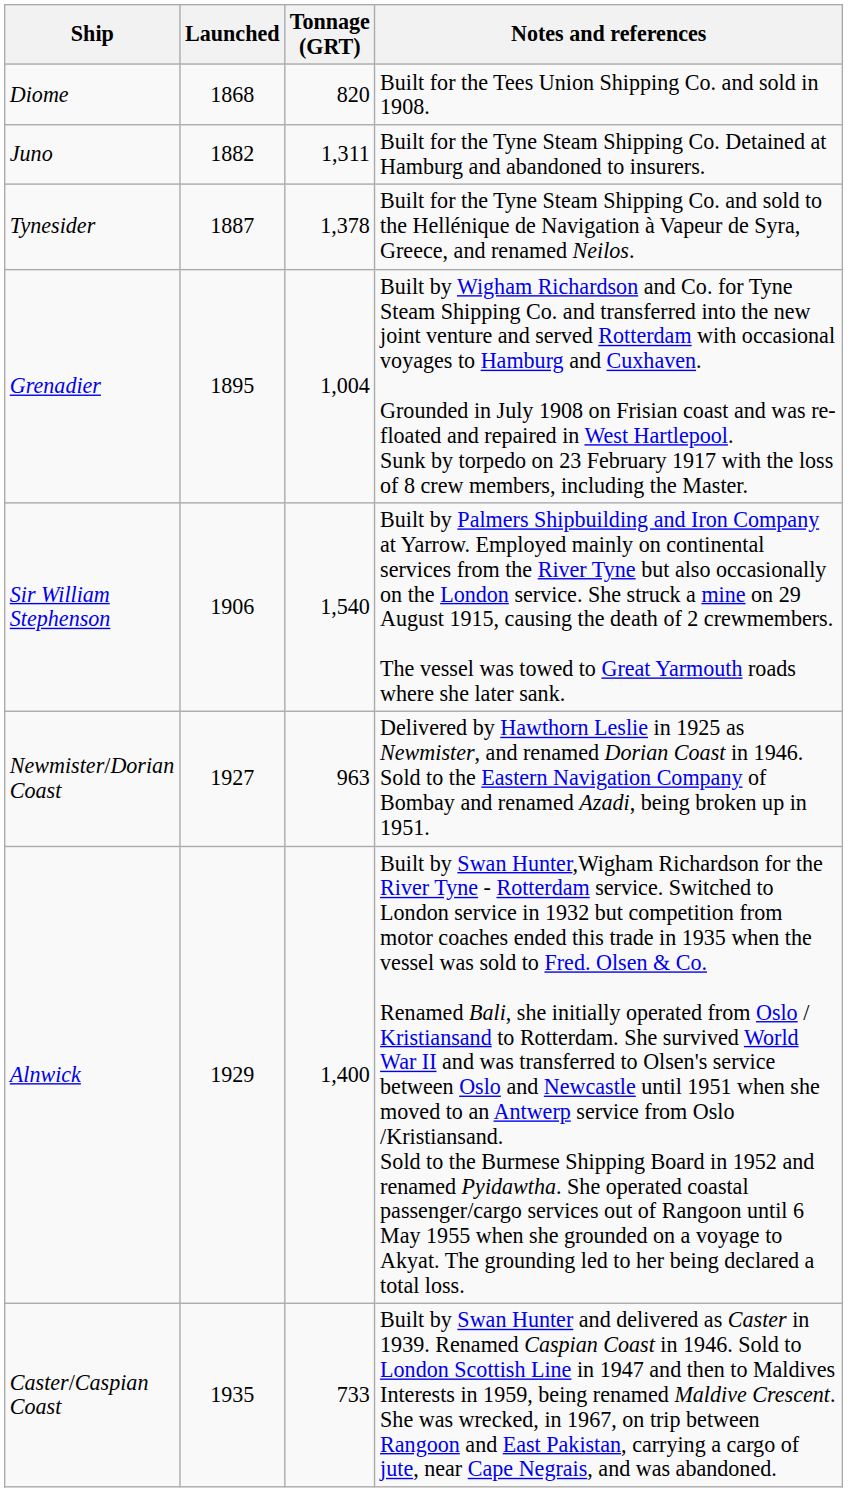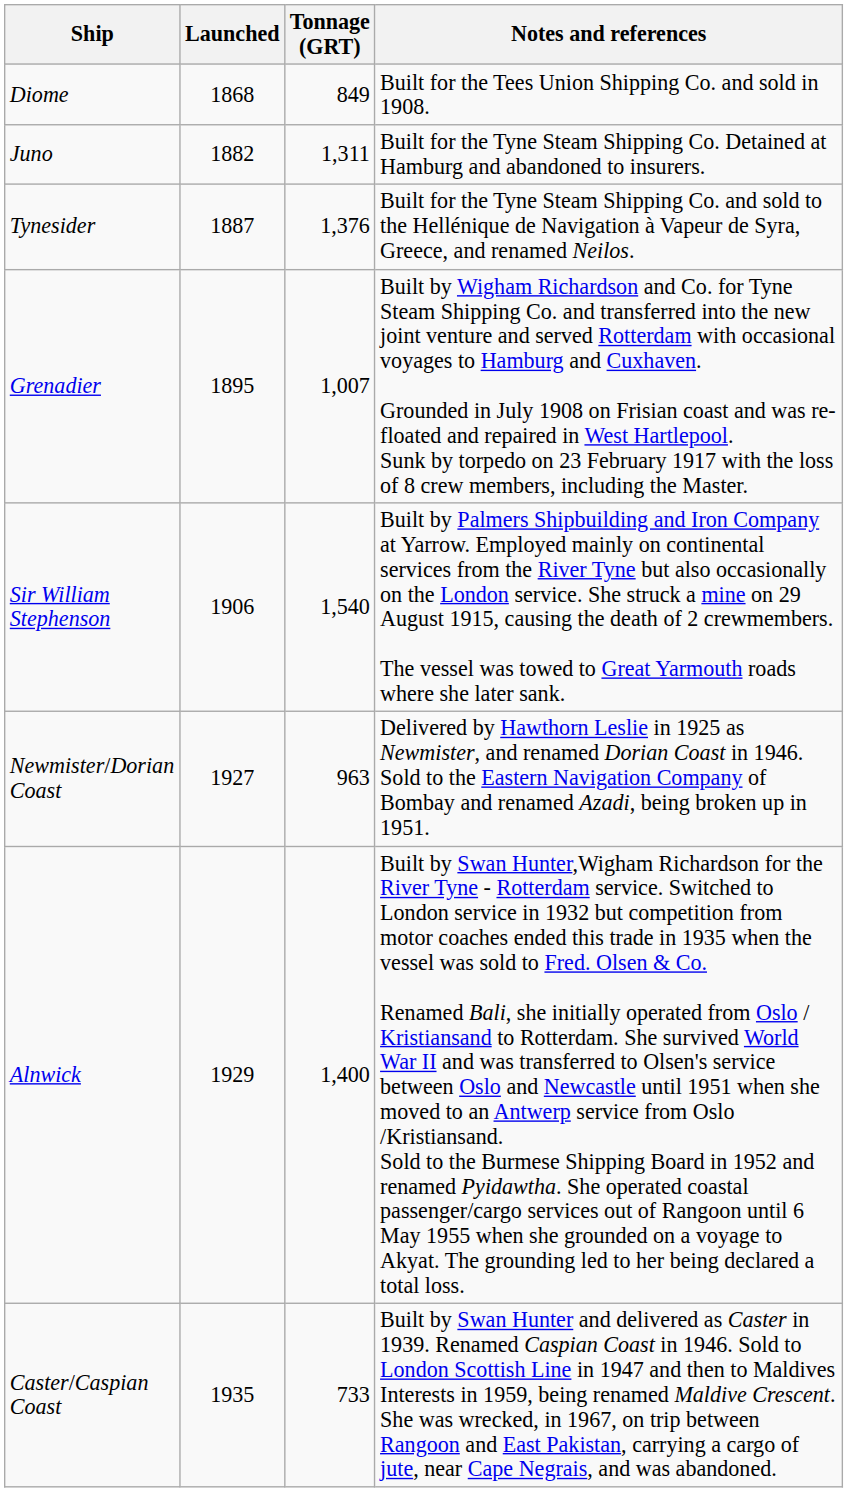 <table class="wikitable sortable">
 <tr>
 <th scope="col" width="120px">Ship</th>
 <th scope="col" width="30px">Launched</th>
 <th scope="col" width="30px">Tonnage<br>(GRT)</th>
 <th scope="col" width="500px">Notes and references</th>
 </tr>
 <tr>
 <td><em>Diome</em></td>
 <td align="center">1868</td>
-<td align="right">820</td>
+<td align="right">849</td>
 <td>Built for the Tees Union Shipping Co. and sold in 1908.</td>
 </tr>
 <tr>
 <td><em>Juno</em></td>
 <td align="center">1882</td>
 <td align="right">1,311</td>
 <td>Built for the Tyne Steam Shipping Co. Detained at Hamburg and abandoned to insurers.</td>
 </tr>
 <tr>
 <td><em>Tynesider</em></td>
 <td align="center">1887</td>
-<td align="right">1,378</td>
+<td align="right">1,376</td>
 <td>Built for the Tyne Steam Shipping Co. and sold to the Hellénique de Navigation à Vapeur de Syra, Greece, and renamed <em>Neilos</em>.</td>
 </tr>
 <tr>
 <td><em><a href='#'>Grenadier</a></em></td>
 <td align="center">1895</td>
-<td align="right">1,004</td>
+<td align="right">1,007</td>
 <td>Built by <a href='#'>Wigham Richardson</a> and Co. for Tyne Steam Shipping Co. and transferred into the new joint venture and served <a href='#'>Rotterdam</a> with occasional voyages to <a href='#'>Hamburg</a> and <a href='#'>Cuxhaven</a>.<br><br>Grounded in July 1908 on Frisian coast and was re-floated and repaired in <a href='#'>West Hartlepool</a>.<br> Sunk by torpedo on 23 February 1917 with the loss of 8 crew members, including the Master.</td>
 </tr>
 <tr>
 <td><em><a href='#'>Sir William Stephenson</a></em></td>
 <td align="center">1906</td>
 <td align="right">1,540</td>
 <td>Built by <a href='#'>Palmers Shipbuilding and Iron Company</a> at Yarrow. Employed mainly on continental services from the <a href='#'>River Tyne</a> but also occasionally on the <a href='#'>London</a> service. She struck a <a href='#'>mine</a> on 29 August 1915, causing the death of 2 crewmembers.<br><br>The vessel was towed to <a href='#'>Great Yarmouth</a> roads where she later sank.</td>
 </tr>
 <tr>
 <td><em>Newmister</em>/<em>Dorian Coast</em></td>
 <td align="center">1927</td>
 <td align="right">963</td>
 <td>Delivered by <a href='#'>Hawthorn Leslie</a> in 1925 as <em>Newmister</em>, and renamed <em>Dorian Coast</em> in 1946. Sold to the <a href='#'>Eastern Navigation Company</a> of Bombay and renamed <em>Azadi</em>, being broken up in 1951.</td>
 </tr>
 <tr>
 <td><em><a href='#'>Alnwick</a></em></td>
 <td align="center">1929</td>
 <td align="right">1,400</td>
 <td>Built by <a href='#'>Swan Hunter</a>,Wigham Richardson for the <a href='#'>River Tyne</a> - <a href='#'>Rotterdam</a> service. Switched to London service in 1932 but competition from motor coaches ended this trade in 1935 when the vessel was sold to <a href='#'>Fred. Olsen & Co.</a><br><br>Renamed <em>Bali</em>, she initially operated from <a href='#'>Oslo</a> / <a href='#'>Kristiansand</a> to Rotterdam. She survived <a href='#'>World War II</a> and was transferred to Olsen's service between <a href='#'>Oslo</a> and <a href='#'>Newcastle</a> until 1951 when she moved to an <a href='#'>Antwerp</a> service from Oslo /Kristiansand.<br> Sold to the Burmese Shipping Board in 1952 and renamed <em>Pyidawtha</em>. She operated coastal passenger/cargo services out of Rangoon until 6 May 1955 when she grounded on a voyage to Akyat. The grounding led to her being declared a total loss.</td>
 </tr>
 <tr>
 <td><em>Caster</em>/<em>Caspian Coast</em></td>
 <td align="center">1935</td>
 <td align="right">733</td>
 <td>Built by <a href='#'>Swan Hunter</a> and delivered as <em>Caster</em> in 1939. Renamed <em>Caspian Coast</em> in 1946. Sold to <a href='#'>London Scottish Line</a> in 1947 and then to Maldives Interests in 1959, being renamed <em>Maldive Crescent</em>. She was wrecked, in 1967, on trip between <a href='#'>Rangoon</a> and <a href='#'>East Pakistan</a>, carrying a cargo of <a href='#'>jute</a>, near <a href='#'>Cape Negrais</a>, and was abandoned.</td>
 </tr>
 </table>
